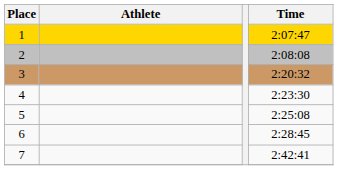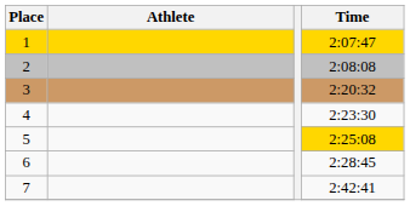 <table class="wikitable" style="text-align:center">
 <tr>
 <th>Place</th>
 <th width=250>Athlete</th>
 <th rowspan=27></th>
 <th width=100>Time</th>
 </tr>
 <tr bgcolor=gold>
 <td>1</td>
 <td align=left></td>
 <td>2:07:47</td>
 </tr>
 <tr bgcolor=silver>
 <td>2</td>
 <td align=left></td>
 <td>2:08:08</td>
 </tr>
 <tr bgcolor=cc9966>
 <td>3</td>
 <td align=left></td>
 <td>2:20:32</td>
 </tr>
 <tr>
 <td>4</td>
 <td align=left></td>
 <td>2:23:30</td>
 </tr>
 <tr>
 <td>5</td>
 <td align=left></td>
-<td>2:25:08</td>
+<td style="background: gold;">2:25:08</td>
 </tr>
 <tr>
 <td>6</td>
 <td align=left></td>
 <td>2:28:45</td>
 </tr>
 <tr>
 <td>7</td>
 <td align=left></td>
 <td>2:42:41</td>
 </tr>
 <tr>
 </tr>
 </table>
